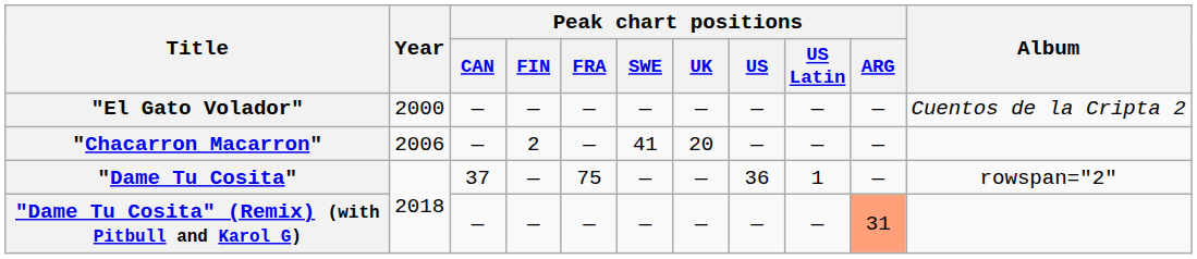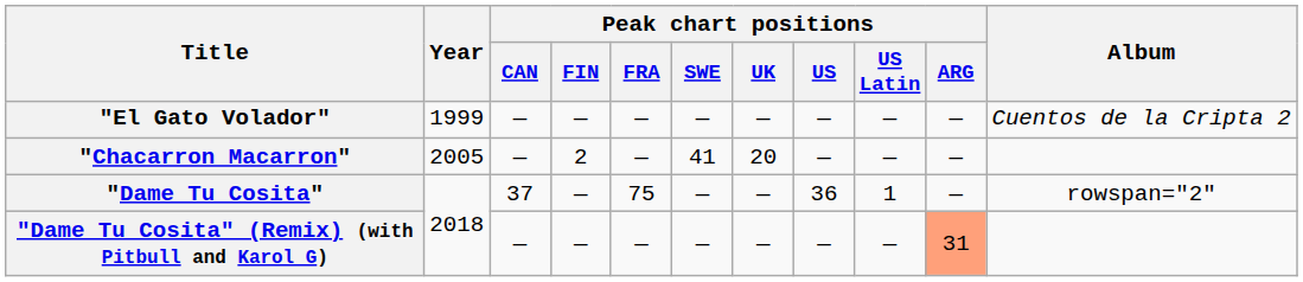 <table class="wikitable plainrowheaders" style="text-align:center;" border="1">
 <tr>
 <th scope="col" rowspan="2" style="width:18em;">Title</th>
 <th scope="col" rowspan="2">Year</th>
 <th scope="col" colspan="8">Peak chart positions</th>
 <th scope="col" rowspan="2">Album</th>
 </tr>
 <tr>
 <th scope="col" style="width:2.5em;font-size:90%;"><a href='#'>CAN</a><br></th>
 <th scope="col" style="width:2.5em;font-size:90%;"><a href='#'>FIN</a><br></th>
 <th scope="col" style="width:2.5em;font-size:90%;"><a href='#'>FRA</a><br></th>
 <th scope="col" style="width:2.5em;font-size:90%;"><a href='#'>SWE</a><br></th>
 <th scope="col" style="width:2.5em;font-size:90%;"><a href='#'>UK</a><br></th>
 <th scope="col" style="width:2.5em;font-size:90%;"><a href='#'>US</a> <br></th>
 <th scope="col" style="width:2.5em;font-size:90%;"><a href='#'>US<br>Latin</a><br></th>
 <th scope="col" style="width:2.5em;font-size:90%;"><a href='#'>ARG</a><br></th>
 </tr>
 <tr>
 <th scope="row">"El Gato Volador"</th>
-<td>2000</td>
+<td>1999</td>
 <td>—</td>
 <td>—</td>
 <td>—</td>
 <td>—</td>
 <td>—</td>
 <td>—</td>
 <td>—</td>
 <td>—</td>
 <td><em>Cuentos de la Cripta 2</em></td>
 </tr>
 <tr>
 <th scope="row">"<a href='#'>Chacarron Macarron</a>"</th>
-<td>2006</td>
+<td>2005</td>
 <td>—</td>
 <td>2</td>
 <td>—</td>
 <td>41</td>
 <td>20</td>
 <td>—</td>
 <td>—</td>
 <td>—</td>
 </tr>
 <tr>
 <th scope="row">"<a href='#'>Dame Tu Cosita</a>"</th>
 <td rowspan="2">2018</td>
 <td>37</td>
 <td>—</td>
 <td>75</td>
 <td>—</td>
 <td>—</td>
 <td>36</td>
 <td>1</td>
 <td>—</td>
 <td>rowspan="2" </td>
 </tr>
 <tr>
 <th scope="row"><a href='#'>"Dame Tu Cosita" (Remix)</a> <small>(with <a href='#'>Pitbull</a> and <a href='#'>Karol G</a>)</small></th>
 <td>—</td>
 <td>—</td>
 <td>—</td>
 <td>—</td>
 <td>—</td>
 <td>—</td>
 <td>—</td>
 <td style="background: lightsalmon;">31</td>
 <td></td>
 </tr>
 </table>
